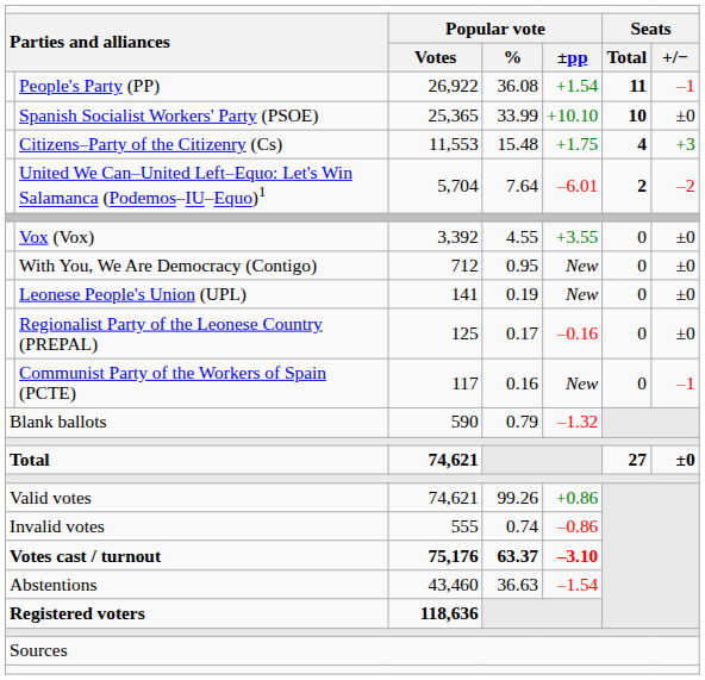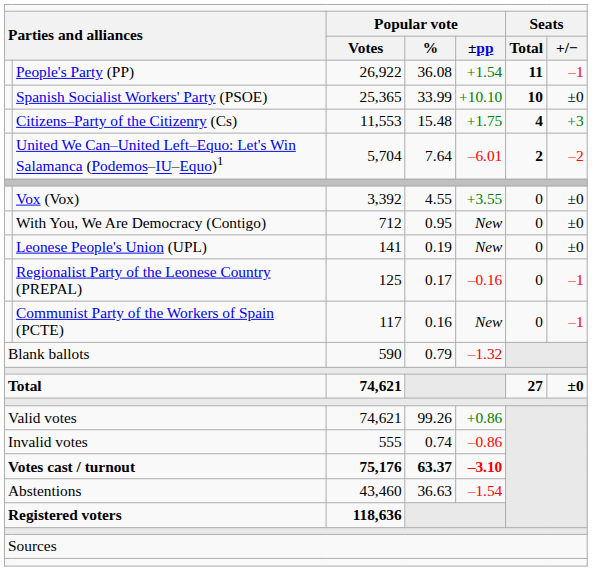 <table class="wikitable" style="text-align:right;">
 <tr>
 <td colspan="7"></td>
 </tr>
 <tr>
 <th style="text-align:left;" rowspan="2" colspan="2" width="525">Parties and alliances</th>
 <th colspan="3">Popular vote</th>
 <th colspan="2">Seats</th>
 </tr>
 <tr>
 <th width="75">Votes</th>
 <th width="45">%</th>
 <th width="45">±<a href='#'>pp</a></th>
 <th width="35">Total</th>
 <th width="35">+/−</th>
 </tr>
 <tr>
 <td width="1" style="color:inherit;background:"></td>
 <td align="left"><a href='#'>People's Party</a> (PP)</td>
 <td>26,922</td>
 <td>36.08</td>
 <td style="color:green;">+1.54</td>
 <td><strong>11</strong></td>
 <td style="color:red;">–1</td>
 </tr>
 <tr>
 <td style="color:inherit;background:"></td>
 <td align="left"><a href='#'>Spanish Socialist Workers' Party</a> (PSOE)</td>
 <td>25,365</td>
 <td>33.99</td>
 <td style="color:green;">+10.10</td>
 <td><strong>10</strong></td>
 <td>±0</td>
 </tr>
 <tr>
 <td style="color:inherit;background:"></td>
 <td align="left"><a href='#'>Citizens–Party of the Citizenry</a> (Cs)</td>
 <td>11,553</td>
 <td>15.48</td>
 <td style="color:green;">+1.75</td>
 <td><strong>4</strong></td>
 <td style="color:green;">+3</td>
 </tr>
 <tr>
 <td style="color:inherit;background:"></td>
 <td align="left"><a href='#'>United We Can–United Left–Equo: Let's Win Salamanca</a> (<a href='#'>Podemos</a>–<a href='#'>IU</a>–<a href='#'>Equo</a>)<sup>1</sup></td>
 <td>5,704</td>
 <td>7.64</td>
 <td style="color:red;">–6.01</td>
 <td><strong>2</strong></td>
 <td style="color:red;">–2</td>
 </tr>
 <tr>
 <td colspan="7" bgcolor="#C0C0C0"></td>
 </tr>
 <tr>
 <td style="color:inherit;background:"></td>
 <td align="left"><a href='#'>Vox</a> (Vox)</td>
 <td>3,392</td>
 <td>4.55</td>
 <td style="color:green;">+3.55</td>
 <td>0</td>
 <td>±0</td>
 </tr>
 <tr>
 <td style="color:inherit;background:"></td>
 <td align="left">With You, We Are Democracy (Contigo)</td>
 <td>712</td>
 <td>0.95</td>
 <td><em>New</em></td>
 <td>0</td>
 <td>±0</td>
 </tr>
 <tr>
 <td style="color:inherit;background:"></td>
 <td align="left"><a href='#'>Leonese People's Union</a> (UPL)</td>
 <td>141</td>
 <td>0.19</td>
 <td><em>New</em></td>
 <td>0</td>
 <td>±0</td>
 </tr>
 <tr>
 <td style="color:inherit;background:"></td>
 <td align="left"><a href='#'>Regionalist Party of the Leonese Country</a> (PREPAL)</td>
 <td>125</td>
 <td>0.17</td>
 <td style="color:red;">–0.16</td>
 <td>0</td>
-<td>±0</td>
+<td style="color:red;">–1</td>
 </tr>
 <tr>
 <td style="color:inherit;background:"></td>
 <td align="left"><a href='#'>Communist Party of the Workers of Spain</a> (PCTE)</td>
 <td>117</td>
 <td>0.16</td>
 <td><em>New</em></td>
 <td>0</td>
 <td style="color:red;">–1</td>
 </tr>
 <tr>
 <td align="left" colspan="2">Blank ballots</td>
 <td>590</td>
 <td>0.79</td>
 <td style="color:red;">–1.32</td>
 <td bgcolor="#E9E9E9" colspan="2"></td>
 </tr>
 <tr>
 <td colspan="7" bgcolor="#E9E9E9"></td>
 </tr>
 <tr style="font-weight:bold;">
 <td align="left" colspan="2">Total</td>
 <td>74,621</td>
 <td bgcolor="#E9E9E9" colspan="2"></td>
 <td>27</td>
 <td>±0</td>
 </tr>
 <tr>
 <td colspan="7" bgcolor="#E9E9E9"></td>
 </tr>
 <tr>
 <td align="left" colspan="2">Valid votes</td>
 <td>74,621</td>
 <td>99.26</td>
 <td style="color:green;">+0.86</td>
 <td bgcolor="#E9E9E9" colspan="2" rowspan="5"></td>
 </tr>
 <tr>
 <td align="left" colspan="2">Invalid votes</td>
 <td>555</td>
 <td>0.74</td>
 <td style="color:red;">–0.86</td>
 </tr>
 <tr style="font-weight:bold;">
 <td align="left" colspan="2">Votes cast / turnout</td>
 <td>75,176</td>
 <td>63.37</td>
 <td style="color:red;">–3.10</td>
 </tr>
 <tr>
 <td align="left" colspan="2">Abstentions</td>
 <td>43,460</td>
 <td>36.63</td>
 <td style="color:red;">–1.54</td>
 </tr>
 <tr style="font-weight:bold;">
 <td align="left" colspan="2">Registered voters</td>
 <td>118,636</td>
 <td bgcolor="#E9E9E9" colspan="2"></td>
 </tr>
 <tr>
 <td colspan="7" bgcolor="#E9E9E9"></td>
 </tr>
 <tr>
 <td align="left" colspan="7">Sources</td>
 </tr>
 <tr>
 <td colspan="7" style="text-align:left; max-width:790px;"></td>
 </tr>
 </table>
